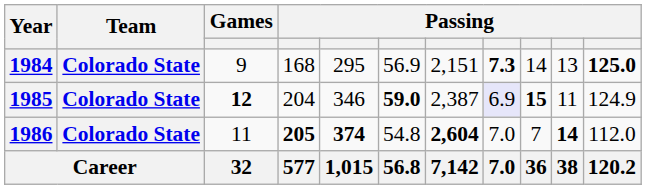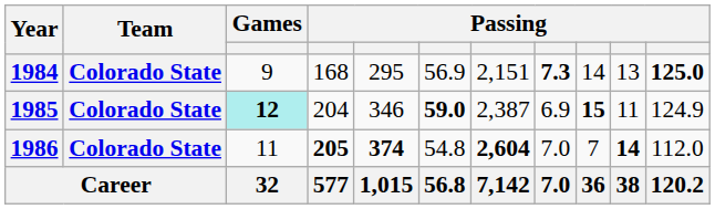 <table class="wikitable" style="text-align:center;">
 <tr>
 <th rowspan="2">Year</th>
 <th rowspan="2">Team</th>
 <th colspan="1">Games</th>
 <th colspan="8">Passing</th>
 </tr>
 <tr>
 <th></th>
 <th></th>
 <th></th>
 <th></th>
 <th></th>
 <th></th>
 <th></th>
 <th></th>
 <th></th>
 </tr>
 <tr>
 <th><a href='#'>1984</a></th>
 <th><a href='#'>Colorado State</a></th>
 <td>9</td>
 <td>168</td>
 <td>295</td>
 <td>56.9</td>
 <td>2,151</td>
 <td><strong>7.3</strong></td>
 <td>14</td>
 <td>13</td>
 <td><strong>125.0</strong></td>
 </tr>
 <tr>
 <th><a href='#'>1985</a></th>
 <th><a href='#'>Colorado State</a></th>
-<td><strong>12</strong></td>
+<td style="background: paleturquoise;"><strong>12</strong></td>
 <td>204</td>
 <td>346</td>
 <td><strong>59.0</strong></td>
 <td>2,387</td>
-<td style="background: lavender;">6.9</td>
+<td>6.9</td>
 <td><strong>15</strong></td>
 <td>11</td>
 <td>124.9</td>
 </tr>
 <tr>
 <th><a href='#'>1986</a></th>
 <th><a href='#'>Colorado State</a></th>
 <td>11</td>
 <td><strong>205</strong></td>
 <td><strong>374</strong></td>
 <td>54.8</td>
 <td><strong>2,604</strong></td>
 <td>7.0</td>
 <td>7</td>
 <td><strong>14</strong></td>
 <td>112.0</td>
 </tr>
 <tr>
 <th colspan="2">Career</th>
 <th>32</th>
 <th>577</th>
 <th>1,015</th>
 <th>56.8</th>
 <th>7,142</th>
 <th>7.0</th>
 <th>36</th>
 <th>38</th>
 <th>120.2</th>
 </tr>
 </table>
